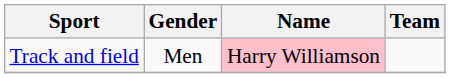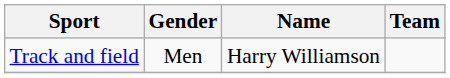 <table class="wikitable" style="text-align: center;">
 <tr>
 <th>Sport</th>
 <th>Gender</th>
 <th>Name</th>
 <th>Team</th>
 </tr>
 <tr>
 <td><a href='#'>Track and field</a></td>
 <td>Men</td>
-<td style="background: pink;">Harry Williamson</td>
+<td>Harry Williamson</td>
 <td></td>
 </tr>
 <tr>
 </tr>
 </table>
